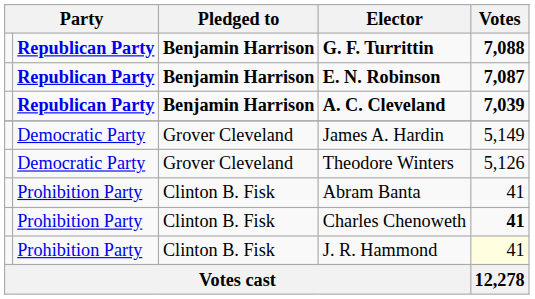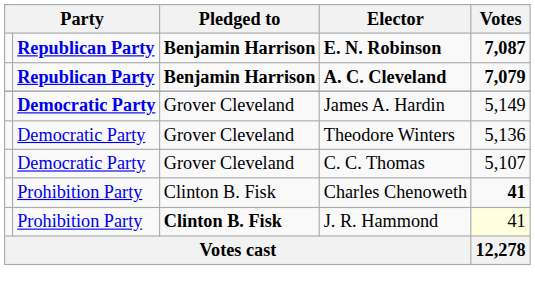 <table class="wikitable">
 <tr>
 <th colspan=2>Party</th>
 <th>Pledged to</th>
 <th>Elector</th>
 <th>Votes</th>
-</tr>
-<tr style="font-weight:bold">
-<td></td>
-<td><a href='#'>Republican Party</a></td>
-<td>Benjamin Harrison</td>
-<td>G. F. Turrittin</td>
-<td align="right">7,088</td>
 </tr>
 <tr style="font-weight:bold">
 <td></td>
 <td><a href='#'>Republican Party</a></td>
 <td>Benjamin Harrison</td>
 <td>E. N. Robinson</td>
 <td align="right">7,087</td>
 </tr>
 <tr style="font-weight:bold">
 <td></td>
 <td><a href='#'>Republican Party</a></td>
 <td>Benjamin Harrison</td>
 <td>A. C. Cleveland</td>
-<td align="right">7,039</td>
+<td align="right">7,079</td>
 </tr>
 <tr style="font-weight:bold">
 </tr>
 <tr>
 <td></td>
-<td><a href='#'>Democratic Party</a></td>
+<td><strong><a href='#'>Democratic Party</a></strong></td>
 <td>Grover Cleveland</td>
 <td>James A. Hardin</td>
 <td align="right">5,149</td>
 </tr>
 <tr>
 <td></td>
 <td><a href='#'>Democratic Party</a></td>
 <td>Grover Cleveland</td>
 <td>Theodore Winters</td>
-<td align="right">5,126</td>
+<td align="right">5,136</td>
 </tr>
 <tr>
 <td></td>
-<td><a href='#'>Prohibition Party</a></td>
-<td>Clinton B. Fisk</td>
-<td>Abram Banta</td>
-<td align="right">41</td>
+<td><a href='#'>Democratic Party</a></td>
+<td>Grover Cleveland</td>
+<td>C. C. Thomas</td>
+<td align="right">5,107</td>
 </tr>
 <tr>
 <td></td>
 <td><a href='#'>Prohibition Party</a></td>
 <td>Clinton B. Fisk</td>
 <td>Charles Chenoweth</td>
 <td align="right"><strong>41</strong></td>
 </tr>
 <tr>
 <td></td>
 <td><a href='#'>Prohibition Party</a></td>
-<td>Clinton B. Fisk</td>
+<td><strong>Clinton B. Fisk</strong></td>
 <td>J. R. Hammond</td>
 <td align="right" style="background: lightyellow;">41</td>
 </tr>
 <tr>
 <th colspan="4">Votes cast</th>
 <th>12,278</th>
 </tr>
 </table>
